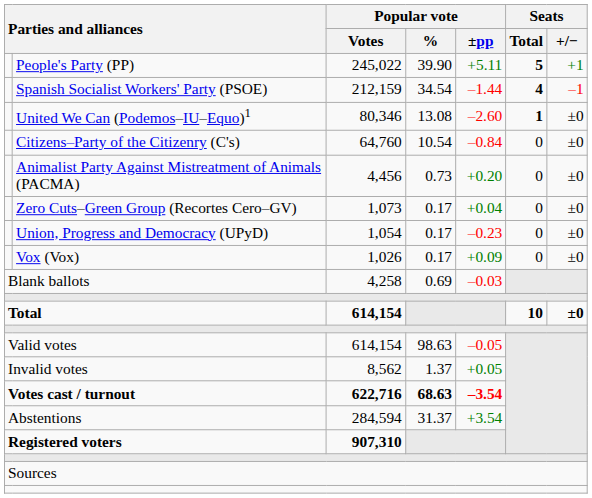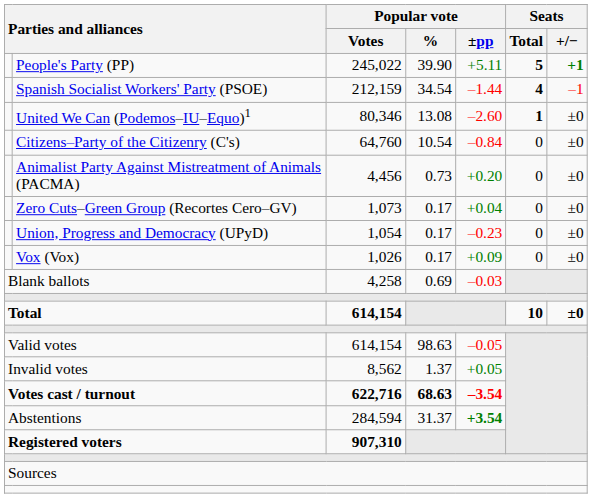 <table class="wikitable" style="text-align:right;">
 <tr>
 <th style="text-align:left;" rowspan="2" colspan="2" width="525">Parties and alliances</th>
 <th colspan="3">Popular vote</th>
 <th colspan="2">Seats</th>
 </tr>
 <tr>
 <th width="75">Votes</th>
 <th width="45">%</th>
 <th width="45">±<a href='#'>pp</a></th>
 <th width="35">Total</th>
 <th width="35">+/−</th>
 </tr>
 <tr>
 <td width="1" style="color:inherit;background:"></td>
 <td align="left"><a href='#'>People's Party</a> (PP)</td>
 <td>245,022</td>
 <td>39.90</td>
 <td style="color:green;">+5.11</td>
 <td><strong>5</strong></td>
-<td style="color:green;">+1</td>
+<td style="color:green;"><strong>+1</strong></td>
 </tr>
 <tr>
 <td style="color:inherit;background:"></td>
 <td align="left"><a href='#'>Spanish Socialist Workers' Party</a> (PSOE)</td>
 <td>212,159</td>
 <td>34.54</td>
 <td style="color:red;">–1.44</td>
 <td><strong>4</strong></td>
 <td style="color:red;">–1</td>
 </tr>
 <tr>
 <td style="color:inherit;background:"></td>
 <td align="left"><a href='#'>United We Can</a> (<a href='#'>Podemos</a>–<a href='#'>IU</a>–<a href='#'>Equo</a>)<sup>1</sup></td>
 <td>80,346</td>
 <td>13.08</td>
 <td style="color:red;">–2.60</td>
 <td><strong>1</strong></td>
 <td>±0</td>
 </tr>
 <tr>
 <td style="color:inherit;background:"></td>
 <td align="left"><a href='#'>Citizens–Party of the Citizenry</a> (C's)</td>
 <td>64,760</td>
 <td>10.54</td>
 <td style="color:red;">–0.84</td>
 <td>0</td>
 <td>±0</td>
 </tr>
 <tr>
 <td style="color:inherit;background:"></td>
 <td align="left"><a href='#'>Animalist Party Against Mistreatment of Animals</a> (PACMA)</td>
 <td>4,456</td>
 <td>0.73</td>
 <td style="color:green;">+0.20</td>
 <td>0</td>
 <td>±0</td>
 </tr>
 <tr>
 <td style="color:inherit;background:"></td>
 <td align="left"><a href='#'>Zero Cuts</a>–<a href='#'>Green Group</a> (Recortes Cero–GV)</td>
 <td>1,073</td>
 <td>0.17</td>
 <td style="color:green;">+0.04</td>
 <td>0</td>
 <td>±0</td>
 </tr>
 <tr>
 <td style="color:inherit;background:"></td>
 <td align="left"><a href='#'>Union, Progress and Democracy</a> (UPyD)</td>
 <td>1,054</td>
 <td>0.17</td>
 <td style="color:red;">–0.23</td>
 <td>0</td>
 <td>±0</td>
 </tr>
 <tr>
 <td style="color:inherit;background:"></td>
 <td align="left"><a href='#'>Vox</a> (Vox)</td>
 <td>1,026</td>
 <td>0.17</td>
 <td style="color:green;">+0.09</td>
 <td>0</td>
 <td>±0</td>
 </tr>
 <tr>
 <td align="left" colspan="2">Blank ballots</td>
 <td>4,258</td>
 <td>0.69</td>
 <td style="color:red;">–0.03</td>
 <td bgcolor="#E9E9E9" colspan="2"></td>
 </tr>
 <tr>
 <td colspan="7" bgcolor="#E9E9E9"></td>
 </tr>
 <tr style="font-weight:bold;">
 <td align="left" colspan="2">Total</td>
 <td>614,154</td>
 <td bgcolor="#E9E9E9" colspan="2"></td>
 <td>10</td>
 <td>±0</td>
 </tr>
 <tr>
 <td colspan="7" bgcolor="#E9E9E9"></td>
 </tr>
 <tr>
 <td align="left" colspan="2">Valid votes</td>
 <td>614,154</td>
 <td>98.63</td>
 <td style="color:red;">–0.05</td>
 <td bgcolor="#E9E9E9" colspan="2" rowspan="5"></td>
 </tr>
 <tr>
 <td align="left" colspan="2">Invalid votes</td>
 <td>8,562</td>
 <td>1.37</td>
 <td style="color:green;">+0.05</td>
 </tr>
 <tr style="font-weight:bold;">
 <td align="left" colspan="2">Votes cast / turnout</td>
 <td>622,716</td>
 <td>68.63</td>
 <td style="color:red;">–3.54</td>
 </tr>
 <tr>
 <td align="left" colspan="2">Abstentions</td>
 <td>284,594</td>
 <td>31.37</td>
-<td style="color:green;">+3.54</td>
+<td style="color:green;"><strong>+3.54</strong></td>
 </tr>
 <tr style="font-weight:bold;">
 <td align="left" colspan="2">Registered voters</td>
 <td>907,310</td>
 <td bgcolor="#E9E9E9" colspan="2"></td>
 </tr>
 <tr>
 <td colspan="7" bgcolor="#E9E9E9"></td>
 </tr>
 <tr>
 <td align="left" colspan="7">Sources</td>
 </tr>
 <tr>
 <td colspan="7" style="text-align:left; max-width:790px;"></td>
 </tr>
 </table>
